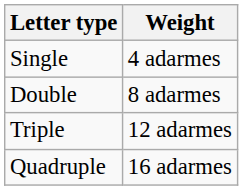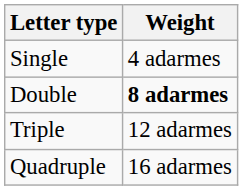 <table class="wikitable">
 <tr>
 <th>Letter type</th>
 <th>Weight</th>
 </tr>
 <tr>
 <td>Single</td>
 <td>4 adarmes</td>
 </tr>
 <tr>
 <td>Double</td>
-<td>8 adarmes</td>
+<td><strong>8 adarmes</strong></td>
 </tr>
 <tr>
 <td>Triple</td>
 <td>12 adarmes</td>
 </tr>
 <tr>
 <td>Quadruple</td>
 <td>16 adarmes</td>
 </tr>
 </table>
